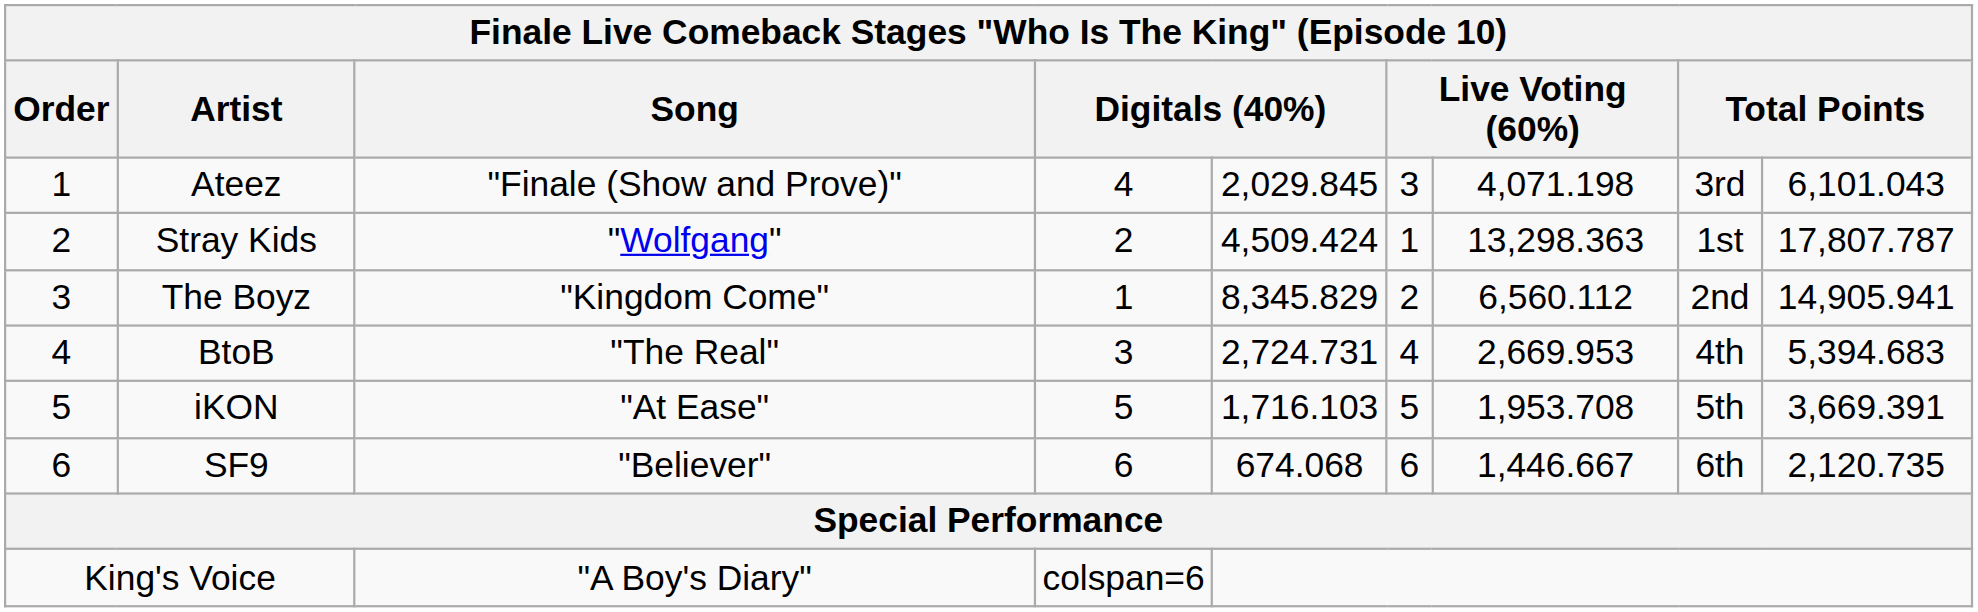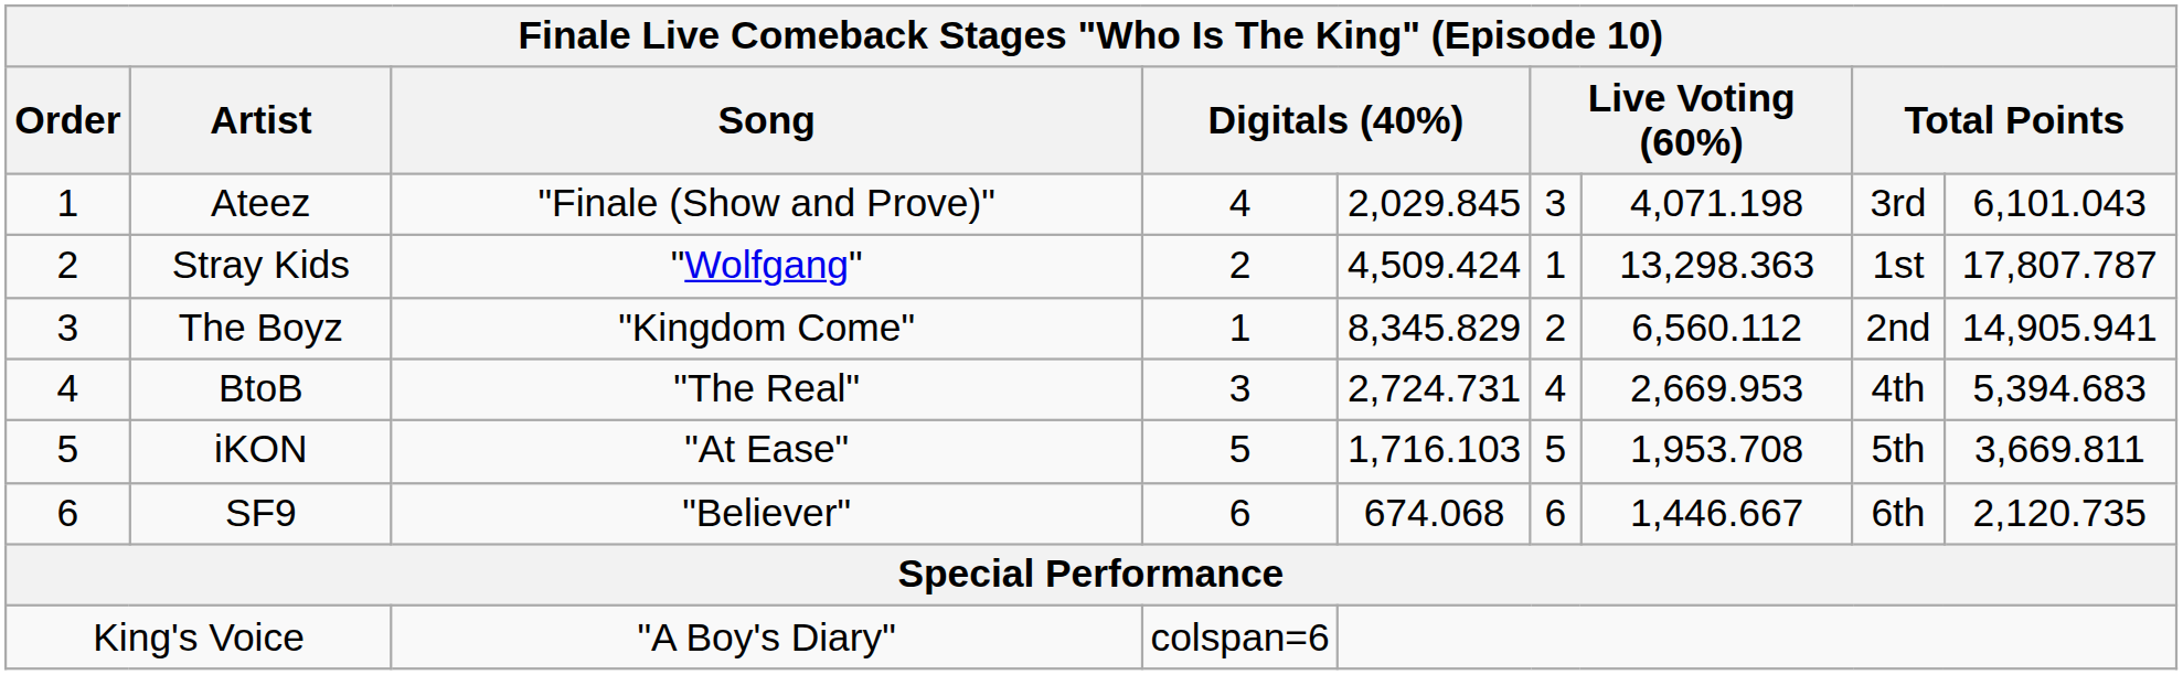 <table class="wikitable sortable" style="text-align:center">
 <tr>
 <th colspan="9">Finale Live Comeback Stages "Who Is The King" (Episode 10)</th>
 </tr>
 <tr>
 <th width="10">Order</th>
 <th width="100">Artist</th>
 <th width="300">Song</th>
 <th colspan="2" width="125">Digitals (40%)</th>
 <th colspan="2" width="125">Live Voting (60%)</th>
 <th colspan="2" width="125">Total Points</th>
 </tr>
 <tr>
 <td>1</td>
 <td>Ateez</td>
 <td>"Finale (Show and Prove)" </td>
 <td>4</td>
 <td>2,029.845</td>
 <td>3</td>
 <td>4,071.198</td>
 <td>3rd</td>
 <td>6,101.043</td>
 </tr>
 <tr>
 <td>2</td>
 <td>Stray Kids</td>
 <td>"<a href='#'>Wolfgang</a>"</td>
 <td>2</td>
 <td>4,509.424</td>
 <td>1</td>
 <td>13,298.363</td>
 <td>1st</td>
 <td>17,807.787</td>
 </tr>
 <tr>
 <td>3</td>
 <td>The Boyz</td>
 <td>"Kingdom Come"</td>
 <td>1</td>
 <td>8,345.829</td>
 <td>2</td>
 <td>6,560.112</td>
 <td>2nd</td>
 <td>14,905.941</td>
 </tr>
 <tr>
 <td>4</td>
 <td>BtoB</td>
 <td>"The Real" </td>
 <td>3</td>
 <td>2,724.731</td>
 <td>4</td>
 <td>2,669.953</td>
 <td>4th</td>
 <td>5,394.683</td>
 </tr>
 <tr>
 <td>5</td>
 <td>iKON</td>
 <td>"At Ease" </td>
 <td>5</td>
 <td>1,716.103</td>
 <td>5</td>
 <td>1,953.708</td>
 <td>5th</td>
-<td>3,669.391</td>
+<td>3,669.811</td>
 </tr>
 <tr>
 <td>6</td>
 <td>SF9</td>
 <td>"Believer" </td>
 <td>6</td>
 <td>674.068</td>
 <td>6</td>
 <td>1,446.667</td>
 <td>6th</td>
 <td>2,120.735</td>
 </tr>
 <tr>
 <th colspan="9">Special Performance</th>
 </tr>
 <tr>
 <td colspan="2">King's Voice</td>
 <td>"A Boy's Diary" </td>
 <td>colspan=6 </td>
 </tr>
 </table>
